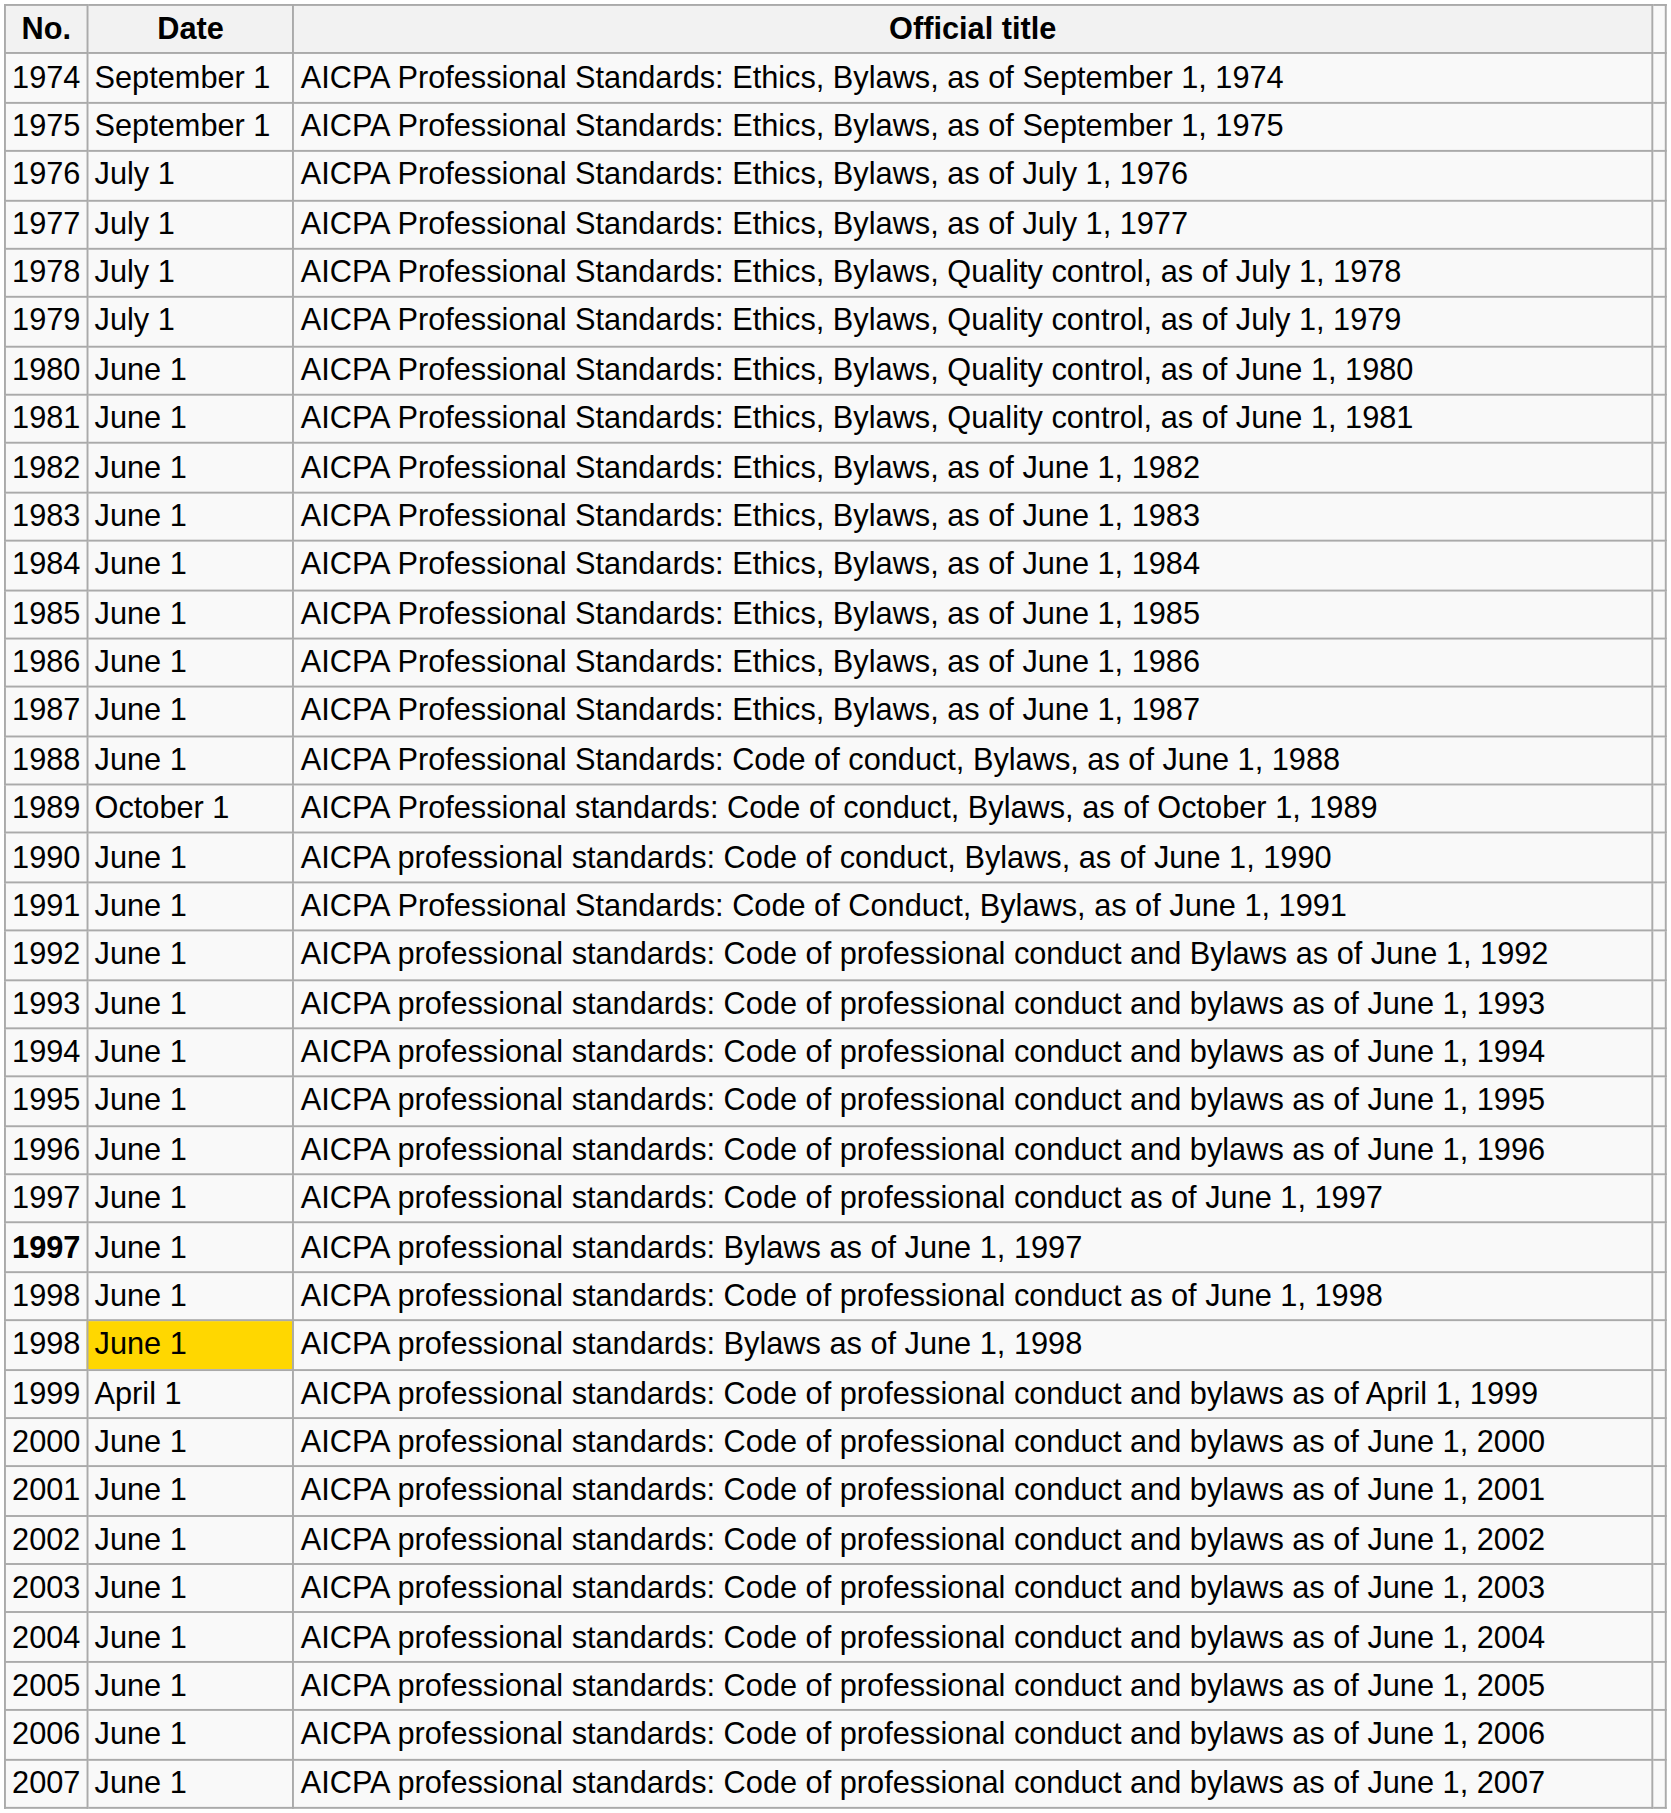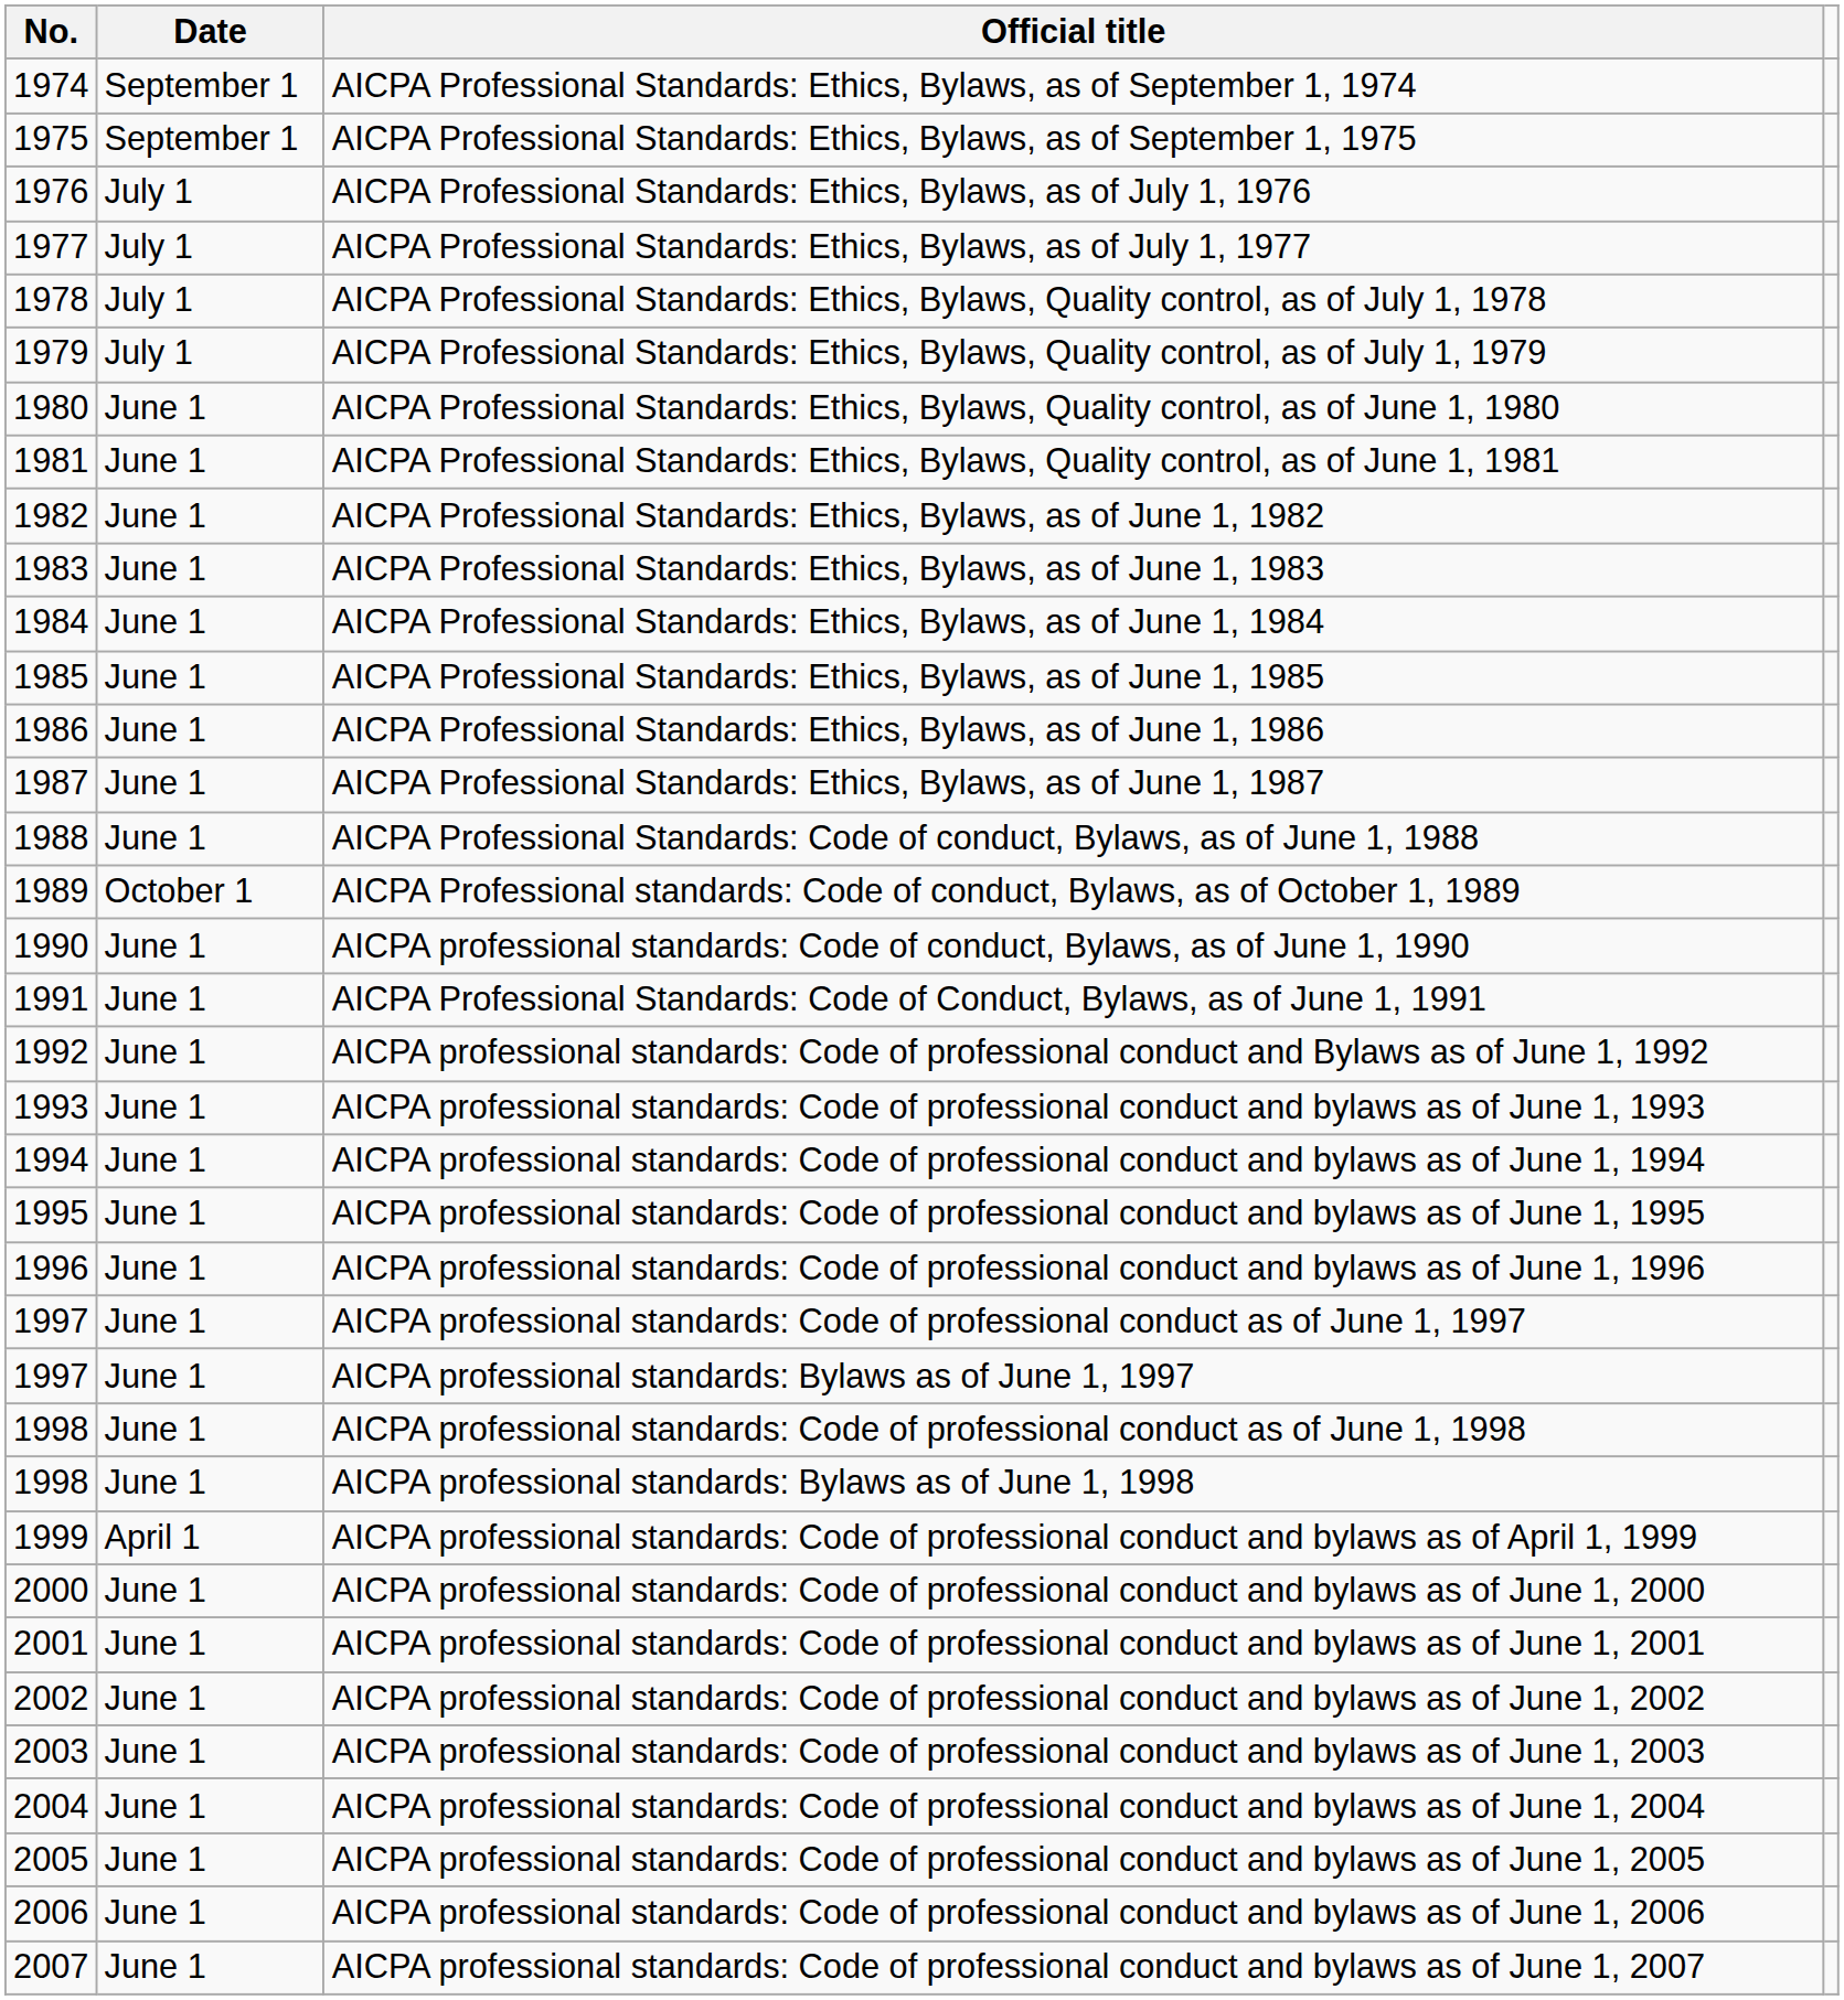 <table class="wikitable sortable">
 <tr>
 <th width="35">No.</th>
 <th width="100">Date</th>
 <th width="700">Official title</th>
 </tr>
 <tr>
 <td align="center">1974</td>
 <td>September 1</td>
 <td>AICPA Professional Standards: Ethics, Bylaws, as of September 1, 1974 </td>
 <td></td>
 </tr>
 <tr>
 <td align="center">1975</td>
 <td>September 1</td>
 <td>AICPA Professional Standards: Ethics, Bylaws, as of September 1, 1975 </td>
 <td></td>
 </tr>
 <tr>
 <td align="center">1976</td>
 <td>July 1</td>
 <td>AICPA Professional Standards: Ethics, Bylaws, as of July 1, 1976 </td>
 <td></td>
 </tr>
 <tr>
 <td align="center">1977</td>
 <td>July 1</td>
 <td>AICPA Professional Standards: Ethics, Bylaws, as of July 1, 1977 </td>
 <td></td>
 </tr>
 <tr>
 <td align="center">1978</td>
 <td>July 1</td>
 <td>AICPA Professional Standards: Ethics, Bylaws, Quality control, as of July 1, 1978 </td>
 <td></td>
 </tr>
 <tr>
 <td align="center">1979</td>
 <td>July 1</td>
 <td>AICPA Professional Standards: Ethics, Bylaws, Quality control, as of July 1, 1979 </td>
 <td></td>
 </tr>
 <tr>
 <td align="center">1980</td>
 <td>June 1</td>
 <td>AICPA Professional Standards: Ethics, Bylaws, Quality control, as of June 1, 1980 </td>
 <td></td>
 </tr>
 <tr>
 <td align="center">1981</td>
 <td>June 1</td>
 <td>AICPA Professional Standards: Ethics, Bylaws, Quality control, as of June 1, 1981 </td>
 <td></td>
 </tr>
 <tr>
 <td align="center">1982</td>
 <td>June 1</td>
 <td>AICPA Professional Standards: Ethics, Bylaws, as of June 1, 1982 </td>
 <td></td>
 </tr>
 <tr>
 <td align="center">1983</td>
 <td>June 1</td>
 <td>AICPA Professional Standards: Ethics, Bylaws, as of June 1, 1983 </td>
 <td></td>
 </tr>
 <tr>
 <td align="center">1984</td>
 <td>June 1</td>
 <td>AICPA Professional Standards: Ethics, Bylaws, as of June 1, 1984 </td>
 <td></td>
 </tr>
 <tr>
 <td align="center">1985</td>
 <td>June 1</td>
 <td>AICPA Professional Standards: Ethics, Bylaws, as of June 1, 1985 </td>
 <td></td>
 </tr>
 <tr>
 <td align="center">1986</td>
 <td>June 1</td>
 <td>AICPA Professional Standards: Ethics, Bylaws, as of June 1, 1986 </td>
 <td></td>
 </tr>
 <tr>
 <td align="center">1987</td>
 <td>June 1</td>
 <td>AICPA Professional Standards: Ethics, Bylaws, as of June 1, 1987 </td>
 <td></td>
 </tr>
 <tr>
 <td align="center">1988</td>
 <td>June 1</td>
 <td>AICPA Professional Standards: Code of conduct, Bylaws, as of June 1, 1988 </td>
 <td></td>
 </tr>
 <tr>
 <td align="center">1989</td>
 <td>October 1</td>
 <td>AICPA Professional standards: Code of conduct, Bylaws, as of October 1, 1989 </td>
 <td></td>
 </tr>
 <tr>
 <td align="center">1990</td>
 <td>June 1</td>
 <td>AICPA professional standards: Code of conduct, Bylaws, as of June 1, 1990 </td>
 <td></td>
 </tr>
 <tr>
 <td align="center">1991</td>
 <td>June 1</td>
 <td>AICPA Professional Standards: Code of Conduct, Bylaws, as of June 1, 1991 </td>
 <td></td>
 </tr>
 <tr>
 <td align="center">1992</td>
 <td>June 1</td>
 <td>AICPA professional standards: Code of professional conduct and Bylaws as of June 1, 1992 </td>
 <td></td>
 </tr>
 <tr>
 <td align="center">1993</td>
 <td>June 1</td>
 <td>AICPA professional standards: Code of professional conduct and bylaws as of June 1, 1993 </td>
 <td></td>
 </tr>
 <tr>
 <td align="center">1994</td>
 <td>June 1</td>
 <td>AICPA professional standards: Code of professional conduct and bylaws as of June 1, 1994 </td>
 <td></td>
 </tr>
 <tr>
 <td align="center">1995</td>
 <td>June 1</td>
 <td>AICPA professional standards: Code of professional conduct and bylaws as of June 1, 1995 </td>
 <td></td>
 </tr>
 <tr>
 <td align="center">1996</td>
 <td>June 1</td>
 <td>AICPA professional standards: Code of professional conduct and bylaws as of June 1, 1996 </td>
 <td></td>
 </tr>
 <tr>
 <td align="center">1997</td>
 <td>June 1</td>
 <td>AICPA professional standards: Code of professional conduct as of June 1, 1997 </td>
 <td></td>
 </tr>
 <tr>
-<td align="center"><strong>1997</strong></td>
+<td align="center">1997</td>
 <td>June 1</td>
 <td>AICPA professional standards: Bylaws as of June 1, 1997</td>
 <td></td>
 </tr>
 <tr>
 <td align="center">1998</td>
 <td>June 1</td>
 <td>AICPA professional standards: Code of professional conduct as of June 1, 1998 </td>
 <td></td>
 </tr>
 <tr>
 <td align="center">1998</td>
-<td style="background: gold;">June 1</td>
+<td>June 1</td>
 <td>AICPA professional standards: Bylaws as of June 1, 1998</td>
 <td></td>
 </tr>
 <tr>
 <td align="center">1999</td>
 <td>April 1</td>
 <td>AICPA professional standards: Code of professional conduct and bylaws as of April 1, 1999 </td>
 <td></td>
 </tr>
 <tr>
 <td align="center">2000</td>
 <td>June 1</td>
 <td>AICPA professional standards: Code of professional conduct and bylaws as of June 1, 2000 </td>
 <td></td>
 </tr>
 <tr>
 <td align="center">2001</td>
 <td>June 1</td>
 <td>AICPA professional standards: Code of professional conduct and bylaws as of June 1, 2001 </td>
 <td></td>
 </tr>
 <tr>
 <td align="center">2002</td>
 <td>June 1</td>
 <td>AICPA professional standards: Code of professional conduct and bylaws as of June 1, 2002 </td>
 <td></td>
 </tr>
 <tr>
 <td align="center">2003</td>
 <td>June 1</td>
 <td>AICPA professional standards: Code of professional conduct and bylaws as of June 1, 2003 </td>
 <td></td>
 </tr>
 <tr>
 <td align="center">2004</td>
 <td>June 1</td>
 <td>AICPA professional standards: Code of professional conduct and bylaws as of June 1, 2004 </td>
 <td></td>
 </tr>
 <tr>
 <td align="center">2005</td>
 <td>June 1</td>
 <td>AICPA professional standards: Code of professional conduct and bylaws as of June 1, 2005 </td>
 <td></td>
 </tr>
 <tr>
 <td align="center">2006</td>
 <td>June 1</td>
 <td>AICPA professional standards: Code of professional conduct and bylaws as of June 1, 2006 </td>
 <td></td>
 </tr>
 <tr>
 <td align="center">2007</td>
 <td>June 1</td>
 <td>AICPA professional standards: Code of professional conduct and bylaws as of June 1, 2007 </td>
 <td></td>
 </tr>
 </table>
